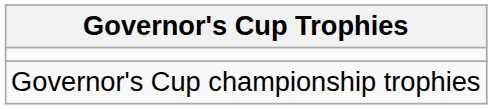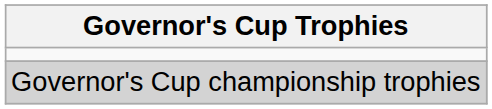 <table align="right" class="wikitable">
 <tr>
 <th bgcolor=gray>Governor's Cup Trophies</th>
 </tr>
 <tr>
 <td align="center"></td>
 </tr>
 <tr>
-<td align="center">Governor's Cup championship trophies</td>
+<td align="center" style="background: lightgrey;">Governor's Cup championship trophies</td>
 </tr>
 </table>
